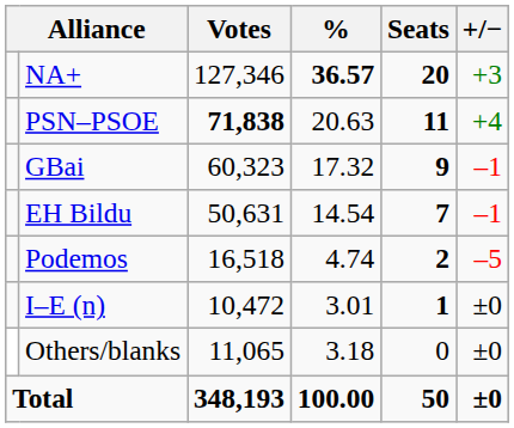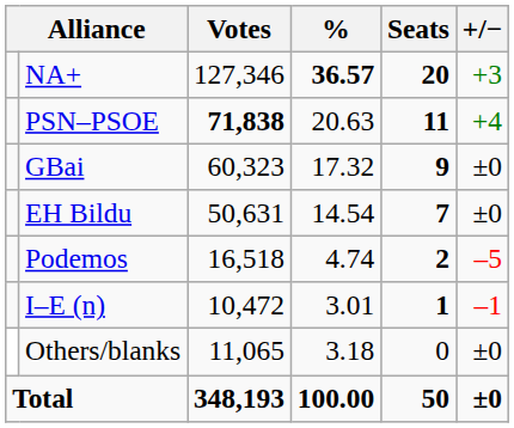 <table class="wikitable" style="text-align:right; font-size:95%;">
 <tr>
 <th colspan="2">Alliance</th>
 <th>Votes</th>
 <th>%</th>
 <th>Seats</th>
 <th>+/−</th>
 </tr>
 <tr>
 <td style="background:"></td>
 <td align="left"><a href='#'>NA+</a></td>
 <td>127,346</td>
 <td><strong>36.57</strong></td>
 <td><strong>20</strong></td>
 <td style="color:green;">+3</td>
 </tr>
 <tr>
 <td style="background:"></td>
 <td align="left"><a href='#'>PSN–PSOE</a></td>
 <td><strong>71,838</strong></td>
 <td>20.63</td>
 <td><strong>11</strong></td>
 <td style="color:green;">+4</td>
 </tr>
 <tr>
 <td style="background:"></td>
 <td align="left"><a href='#'>GBai</a></td>
 <td>60,323</td>
 <td>17.32</td>
 <td><strong>9</strong></td>
-<td style="color:red;">–1</td>
+<td>±0</td>
 </tr>
 <tr>
 <td style="background:"></td>
 <td align="left"><a href='#'>EH Bildu</a></td>
 <td>50,631</td>
 <td>14.54</td>
 <td><strong>7</strong></td>
-<td style="color:red;">–1</td>
+<td>±0</td>
 </tr>
 <tr>
 <td style="background:"></td>
 <td align="left"><a href='#'>Podemos</a></td>
 <td>16,518</td>
 <td>4.74</td>
 <td><strong>2</strong></td>
 <td style="color:red;">–5</td>
 </tr>
 <tr>
 <td style="background:"></td>
 <td align="left"><a href='#'>I–E (n)</a></td>
 <td>10,472</td>
 <td>3.01</td>
 <td><strong>1</strong></td>
-<td>±0</td>
+<td style="color:red;">–1</td>
 </tr>
 <tr>
 <td style="background:white;"></td>
 <td align="left">Others/blanks</td>
 <td>11,065</td>
 <td>3.18</td>
 <td>0</td>
 <td>±0</td>
 </tr>
 <tr style="font-weight:bold">
 <td colspan="2" align="left">Total</td>
 <td>348,193</td>
 <td>100.00</td>
 <td>50</td>
 <td>±0</td>
 </tr>
 </table>
